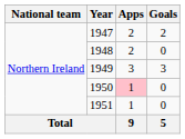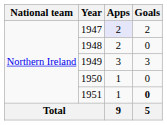 <table class=wikitable style="text-align: center">
 <tr>
 <th>National team</th>
 <th>Year</th>
 <th>Apps</th>
 <th>Goals</th>
 </tr>
 <tr>
 <td rowspan=5><a href='#'>Northern Ireland</a></td>
 <td>1947</td>
-<td>2</td>
+<td style="background: lavender;">2</td>
 <td>2</td>
 </tr>
 <tr>
 <td>1948</td>
 <td>2</td>
 <td>0</td>
 </tr>
 <tr>
 <td>1949</td>
 <td>3</td>
 <td>3</td>
 </tr>
 <tr>
 <td>1950</td>
-<td style="background: pink;">1</td>
+<td>1</td>
 <td>0</td>
 </tr>
 <tr>
 <td>1951</td>
 <td>1</td>
-<td>0</td>
+<td><strong>0</strong></td>
 </tr>
 <tr>
 <th colspan=2>Total</th>
 <th>9</th>
 <th>5</th>
 </tr>
 </table>
